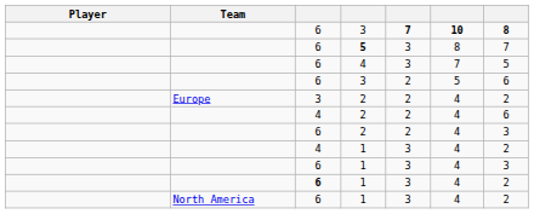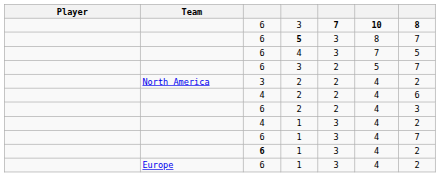 <table class="wikitable sortable" style="text-align:center;">
 <tr>
 <th style="width:200px;">Player</th>
 <th style="width:150px;">Team</th>
 <th style="width:50px;"></th>
 <th style="width:50px;"></th>
 <th style="width:50px;"></th>
 <th style="width:60px;"></th>
 <th style="width:50px;"></th>
 </tr>
 <tr>
 <td style="text-align:left;"> </td>
 <td style="text-align:left;"></td>
 <td>6</td>
 <td>3</td>
 <td><strong>7</strong></td>
 <td><strong>10</strong></td>
 <td><strong>8</strong></td>
 </tr>
 <tr>
 <td style="text-align:left;"> </td>
 <td style="text-align:left;"></td>
 <td>6</td>
 <td><strong>5</strong></td>
 <td>3</td>
 <td>8</td>
 <td>7</td>
 </tr>
 <tr>
 <td style="text-align:left;"> </td>
 <td style="text-align:left;"></td>
 <td>6</td>
 <td>4</td>
 <td>3</td>
 <td>7</td>
 <td>5</td>
 </tr>
 <tr>
 <td style="text-align:left;"> </td>
 <td style="text-align:left;"></td>
 <td>6</td>
 <td>3</td>
 <td>2</td>
 <td>5</td>
-<td>6</td>
+<td>7</td>
 </tr>
 <tr>
 <td style="text-align:left;"> </td>
-<td style="text-align:left;"><a href='#'>Europe</a></td>
+<td style="text-align:left;"><a href='#'>North America</a></td>
 <td>3</td>
 <td>2</td>
 <td>2</td>
 <td>4</td>
 <td>2</td>
 </tr>
 <tr>
 <td style="text-align:left;"> </td>
 <td style="text-align:left;"></td>
 <td>4</td>
 <td>2</td>
 <td>2</td>
 <td>4</td>
 <td>6</td>
 </tr>
 <tr>
 <td style="text-align:left;"> </td>
 <td style="text-align:left;"></td>
 <td>6</td>
 <td>2</td>
 <td>2</td>
 <td>4</td>
 <td>3</td>
 </tr>
 <tr>
 <td style="text-align:left;"> </td>
 <td style="text-align:left;"></td>
 <td>4</td>
 <td>1</td>
 <td>3</td>
 <td>4</td>
 <td>2</td>
 </tr>
 <tr>
 <td style="text-align:left;"> </td>
 <td style="text-align:left;"></td>
 <td>6</td>
 <td>1</td>
 <td>3</td>
 <td>4</td>
-<td>3</td>
+<td>7</td>
 </tr>
 <tr>
 <td style="text-align:left;"> </td>
 <td style="text-align:left;"></td>
 <td><strong>6</strong></td>
 <td>1</td>
 <td>3</td>
 <td>4</td>
 <td>2</td>
 </tr>
 <tr>
 <td style="text-align:left;"> </td>
-<td style="text-align:left;"><a href='#'>North America</a></td>
+<td style="text-align:left;"><a href='#'>Europe</a></td>
 <td>6</td>
 <td>1</td>
 <td>3</td>
 <td>4</td>
 <td>2</td>
 </tr>
 </table>
